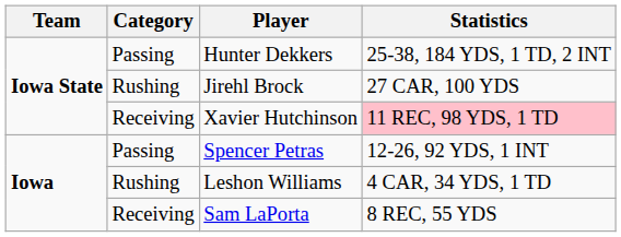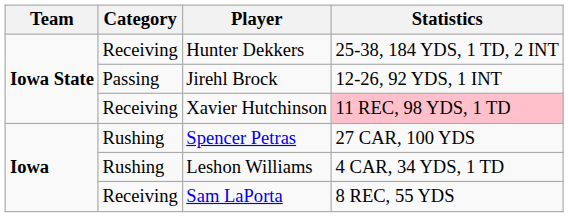 <table class="wikitable" style="float: right;">
 <tr>
 <th>Team</th>
 <th>Category</th>
 <th>Player</th>
 <th>Statistics</th>
 </tr>
 <tr>
 <td rowspan=3><strong>Iowa State</strong></td>
-<td>Passing</td>
+<td>Receiving</td>
 <td>Hunter Dekkers</td>
 <td>25-38, 184 YDS, 1 TD, 2 INT</td>
 </tr>
 <tr>
-<td>Rushing</td>
+<td>Passing</td>
 <td>Jirehl Brock</td>
-<td>27 CAR, 100 YDS</td>
+<td>12-26, 92 YDS, 1 INT</td>
 </tr>
 <tr>
 <td>Receiving</td>
 <td>Xavier Hutchinson</td>
 <td style="background: pink;">11 REC, 98 YDS, 1 TD</td>
 </tr>
 <tr>
 <td rowspan=3><strong>Iowa</strong></td>
-<td>Passing</td>
+<td>Rushing</td>
 <td><a href='#'>Spencer Petras</a></td>
-<td>12-26, 92 YDS, 1 INT</td>
+<td>27 CAR, 100 YDS</td>
 </tr>
 <tr>
 <td>Rushing</td>
 <td>Leshon Williams</td>
 <td>4 CAR, 34 YDS, 1 TD</td>
 </tr>
 <tr>
 <td>Receiving</td>
 <td><a href='#'>Sam LaPorta</a></td>
 <td>8 REC, 55 YDS</td>
 </tr>
 </table>
